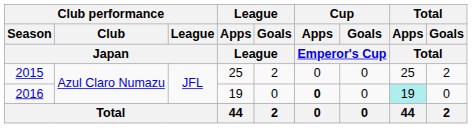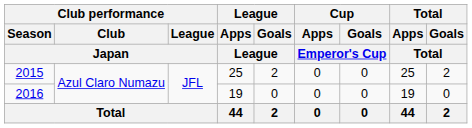 <table class="wikitable" style="text-align:center;">
 <tr>
 <th colspan=3>Club performance</th>
 <th colspan=2>League</th>
 <th colspan=2>Cup</th>
 <th colspan=2>Total</th>
 </tr>
 <tr>
 <th>Season</th>
 <th>Club</th>
 <th>League</th>
 <th>Apps</th>
 <th>Goals</th>
 <th>Apps</th>
 <th>Goals</th>
 <th>Apps</th>
 <th>Goals</th>
 </tr>
 <tr>
 <th colspan=3>Japan</th>
 <th colspan=2>League</th>
 <th colspan=2><a href='#'>Emperor's Cup</a></th>
 <th colspan=2>Total</th>
 </tr>
 <tr>
 <td><a href='#'>2015</a></td>
 <td rowspan="2"><a href='#'>Azul Claro Numazu</a></td>
 <td rowspan="2"><a href='#'>JFL</a></td>
 <td>25</td>
 <td>2</td>
 <td>0</td>
 <td>0</td>
 <td>25</td>
 <td>2</td>
 </tr>
 <tr>
 <td><a href='#'>2016</a></td>
 <td>19</td>
 <td>0</td>
-<td><strong>0</strong></td>
 <td>0</td>
-<td style="background: paleturquoise;">19</td>
+<td>0</td>
+<td>19</td>
 <td>0</td>
 </tr>
 <tr>
 <th colspan=3>Total</th>
 <th>44</th>
 <th>2</th>
 <th>0</th>
 <th>0</th>
 <th>44</th>
 <th>2</th>
 </tr>
 </table>
